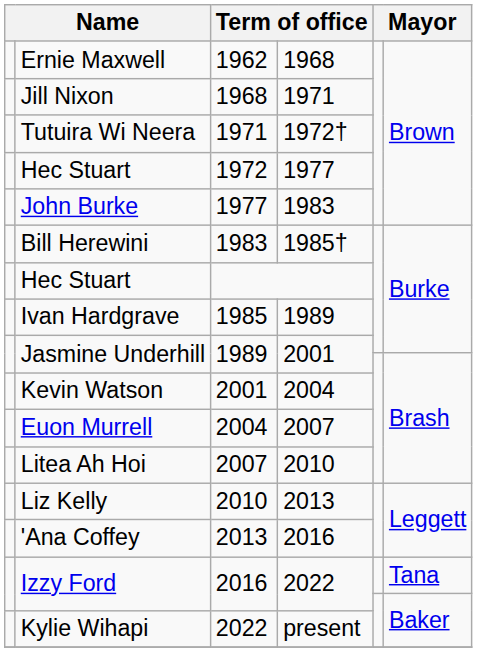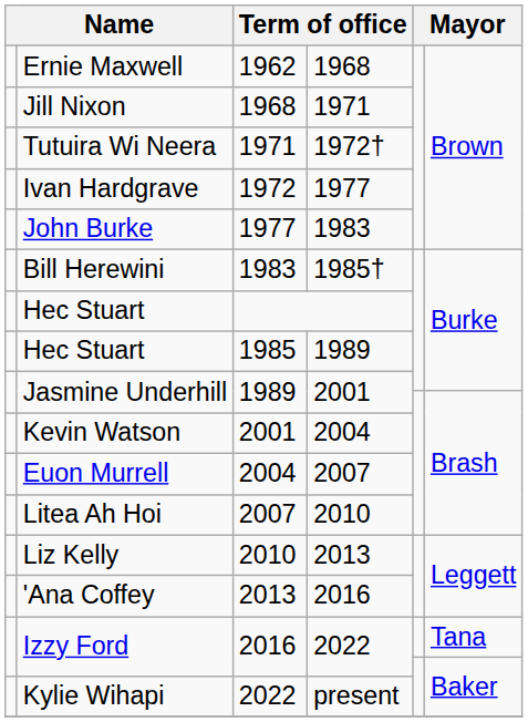 <table class="wikitable">
 <tr>
 <th colspan=2>Name</th>
 <th colspan=2>Term of office</th>
 <th colspan=2>Mayor</th>
 </tr>
 <tr>
 <td style="background:"></td>
 <td>Ernie Maxwell</td>
 <td>1962</td>
 <td>1968</td>
 <td rowspan=5 style="background:"></td>
 <td rowspan=5><a href='#'>Brown</a></td>
 </tr>
 <tr>
 <td style="background:"></td>
 <td>Jill Nixon</td>
 <td>1968</td>
 <td>1971</td>
 </tr>
 <tr>
 <td style="background:"></td>
 <td>Tutuira Wi Neera</td>
 <td>1971</td>
 <td>1972†</td>
 </tr>
 <tr>
 <td style="background:"></td>
-<td>Hec Stuart</td>
+<td>Ivan Hardgrave</td>
 <td>1972</td>
 <td>1977</td>
 </tr>
 <tr>
 <td style="background:"></td>
 <td><a href='#'>John Burke</a></td>
 <td>1977</td>
 <td>1983</td>
 </tr>
 <tr>
 <td style="background:"></td>
 <td>Bill Herewini</td>
 <td>1983</td>
 <td>1985†</td>
 <td rowspan=4 style="background:"></td>
 <td rowspan=4><a href='#'>Burke</a></td>
 </tr>
 <tr>
 <td style="background:"></td>
 <td>Hec Stuart</td>
 <td colspan="2"></td>
 </tr>
 <tr>
 <td style="background:"></td>
-<td>Ivan Hardgrave</td>
+<td>Hec Stuart</td>
 <td>1985</td>
 <td>1989</td>
 </tr>
 <tr>
 <td height=5 style="border-bottom:solid 0 grey; background:"></td>
 <td rowspan="2">Jasmine Underhill</td>
 <td rowspan="2">1989</td>
 <td rowspan="2">2001</td>
 </tr>
 <tr>
 <td height=5 style="border-top:solid 0 grey; background:"></td>
 <td rowspan=4 style="background:"></td>
 <td rowspan=4><a href='#'>Brash</a></td>
 </tr>
 <tr>
 <td style="background:"></td>
 <td>Kevin Watson</td>
 <td>2001</td>
 <td>2004</td>
 </tr>
 <tr>
 <td style="background:"></td>
 <td><a href='#'>Euon Murrell</a></td>
 <td>2004</td>
 <td>2007</td>
 </tr>
 <tr>
 <td style="background:"></td>
 <td>Litea Ah Hoi</td>
 <td>2007</td>
 <td>2010</td>
 </tr>
 <tr>
 <td style="background:"></td>
 <td>Liz Kelly</td>
 <td>2010</td>
 <td>2013</td>
 <td rowspan=2 style="background:"></td>
 <td rowspan=2><a href='#'>Leggett</a></td>
 </tr>
 <tr>
 <td style="background:"></td>
 <td>'Ana Coffey</td>
 <td>2013</td>
 <td>2016</td>
 </tr>
 <tr>
 <td height=5 style="border-bottom:solid 0 grey; background:"></td>
 <td rowspan="2"><a href='#'>Izzy Ford</a></td>
 <td rowspan="2">2016</td>
 <td rowspan="2">2022</td>
 <td style="background:"></td>
 <td><a href='#'>Tana</a></td>
 </tr>
 <tr>
 <td height=5 style="border-top:solid 0 grey; background:"></td>
 <td rowspan=2 style="background:"></td>
 <td rowspan=2><a href='#'>Baker</a></td>
 </tr>
 <tr>
 <td style="background:"></td>
 <td>Kylie Wihapi</td>
 <td>2022</td>
 <td>present</td>
 </tr>
 <tr>
 </tr>
 </table>
